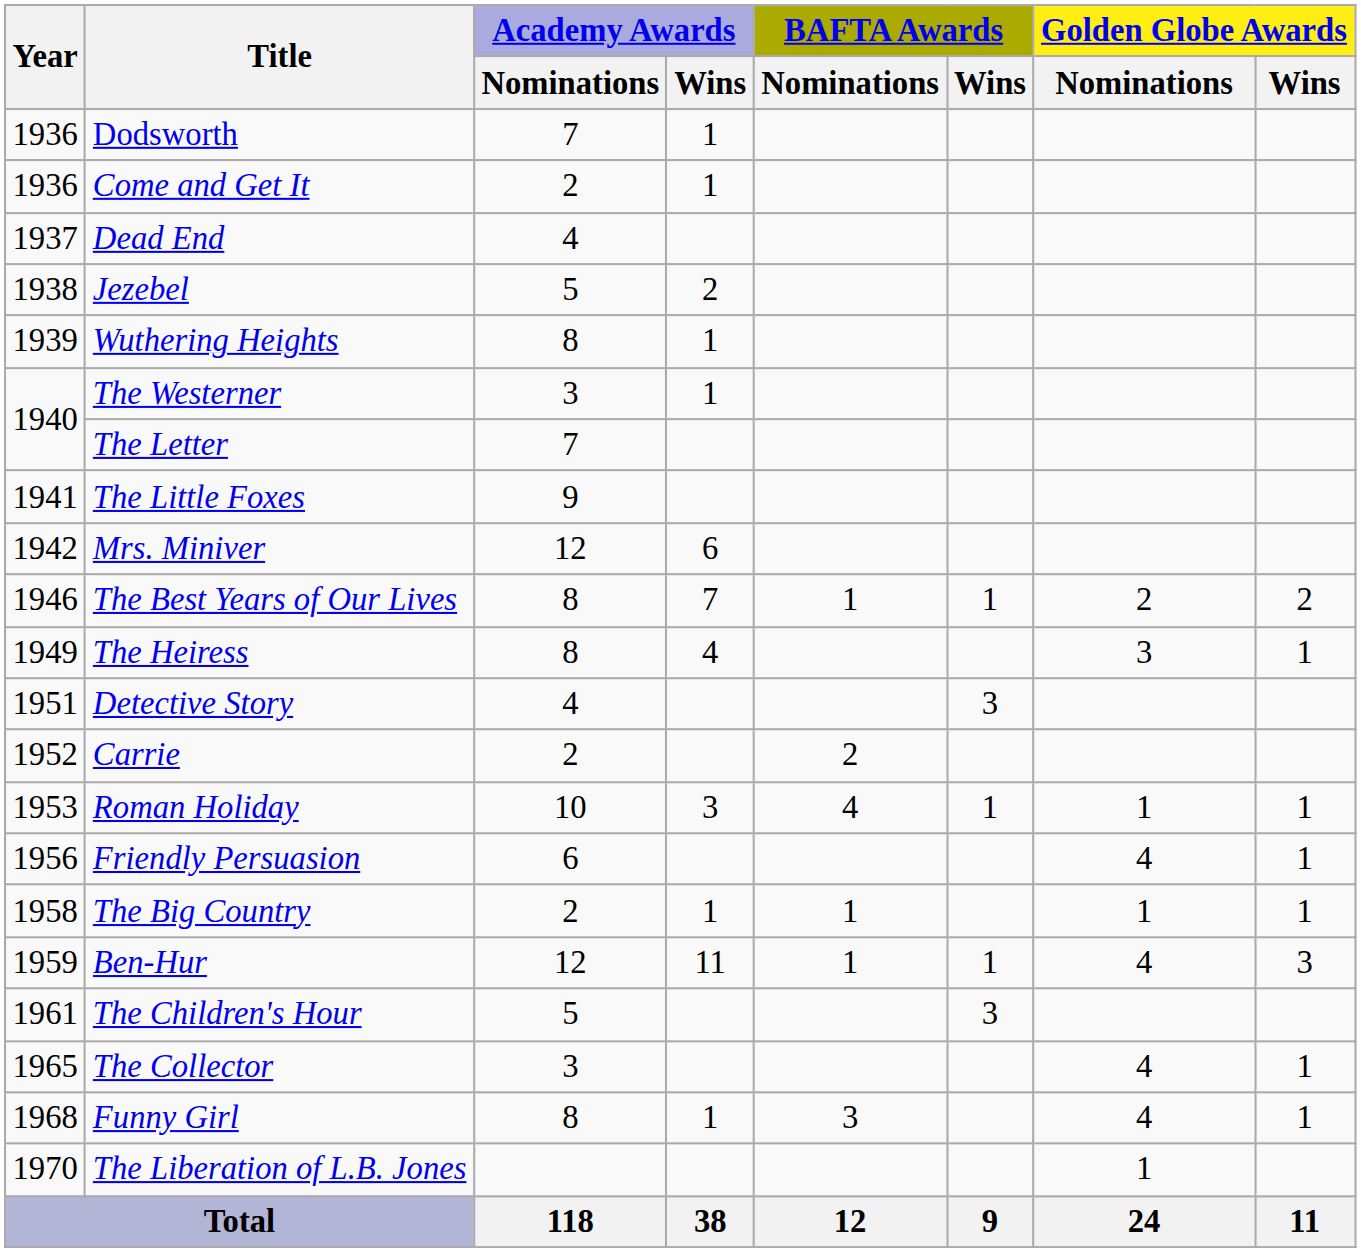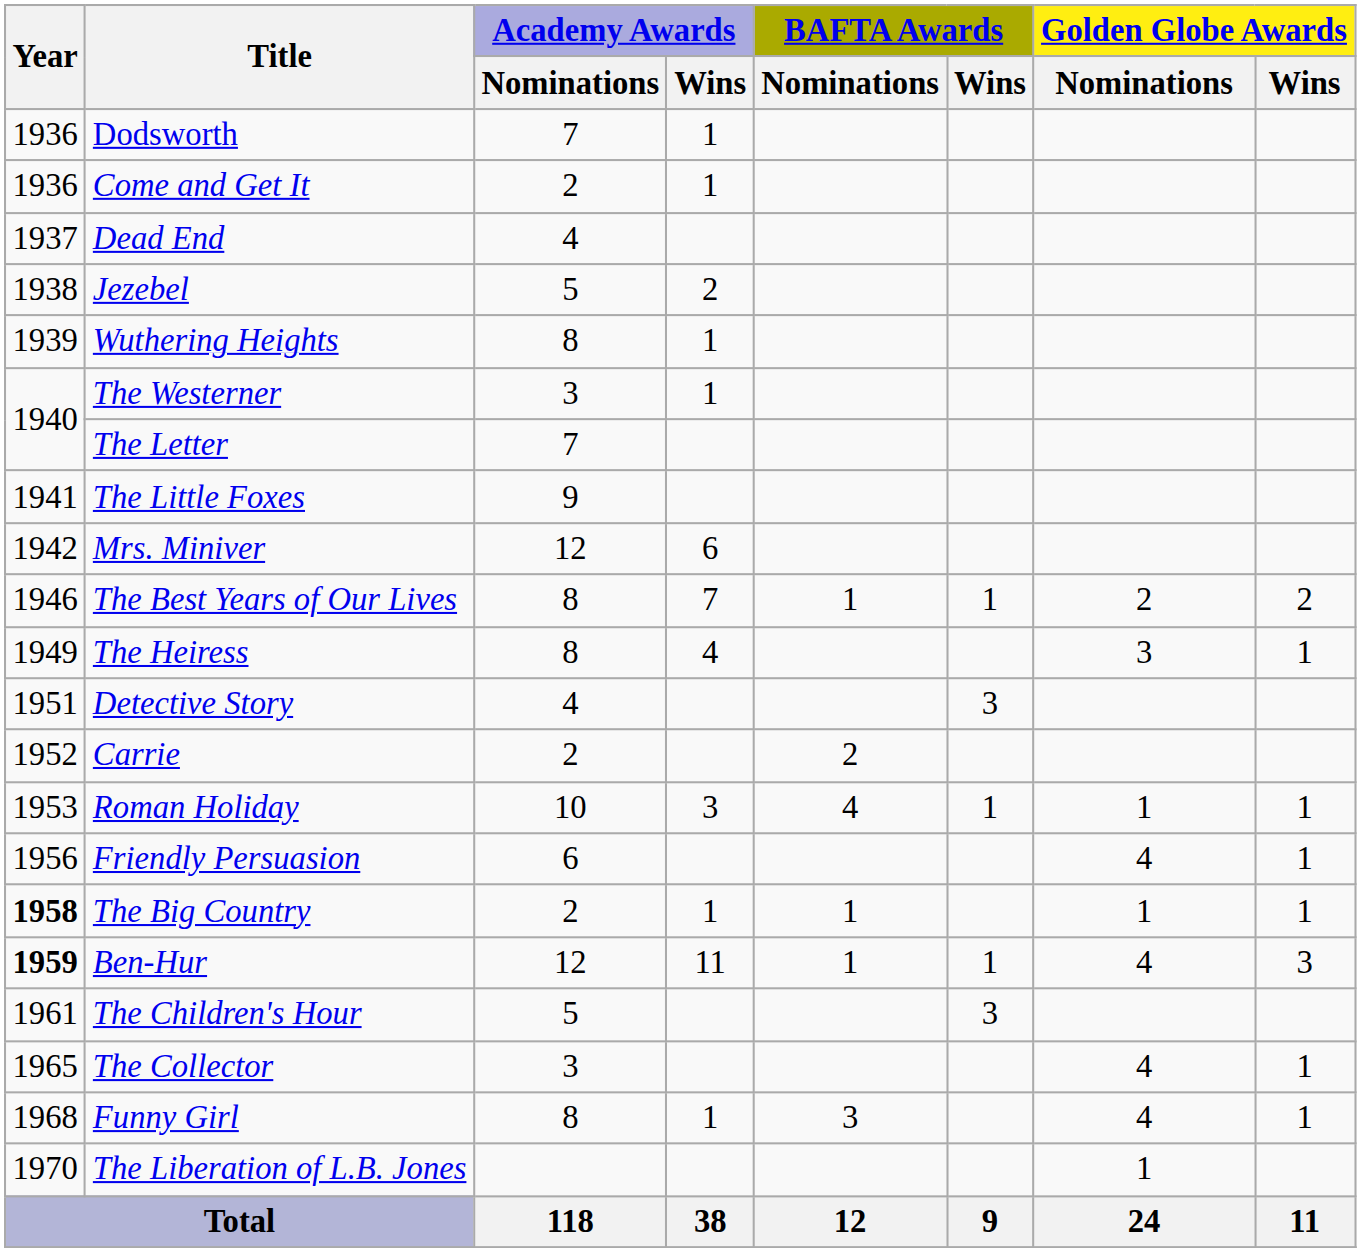 <table class="wikitable sortable">
 <tr>
 <th rowspan="2">Year</th>
 <th rowspan="2">Title</th>
 <th colspan="2" style="background-color:#aaaade;"><a href='#'>Academy Awards</a></th>
 <th colspan="2" style="background-color:#aa0;"><a href='#'>BAFTA Awards</a></th>
 <th colspan="2" style="background-color:#fe1;"><a href='#'>Golden Globe Awards</a></th>
 </tr>
 <tr>
 <th>Nominations</th>
 <th>Wins</th>
 <th>Nominations</th>
 <th>Wins</th>
 <th>Nominations</th>
 <th>Wins</th>
 </tr>
 <tr>
 <td>1936</td>
 <td><a href='#'>Dodsworth</a></td>
 <td align="center">7</td>
 <td align="center">1</td>
 <td></td>
 <td></td>
 <td></td>
 <td></td>
 </tr>
 <tr>
 <td>1936</td>
 <td><a href='#'><em>Come and Get It</em></a></td>
 <td align=center>2</td>
 <td align=center>1</td>
 <td></td>
 <td></td>
 <td></td>
 <td></td>
 </tr>
 <tr>
 <td>1937</td>
 <td><a href='#'><em>Dead End</em></a></td>
 <td align=center>4</td>
 <td></td>
 <td></td>
 <td></td>
 <td></td>
 <td></td>
 </tr>
 <tr>
 <td>1938</td>
 <td><a href='#'><em>Jezebel</em></a></td>
 <td align=center>5</td>
 <td align=center>2</td>
 <td></td>
 <td></td>
 <td></td>
 <td></td>
 </tr>
 <tr>
 <td>1939</td>
 <td><a href='#'><em>Wuthering Heights</em></a></td>
 <td align=center>8</td>
 <td align=center>1</td>
 <td></td>
 <td></td>
 <td></td>
 <td></td>
 </tr>
 <tr>
 <td rowspan="2">1940</td>
 <td><a href='#'><em>The Westerner</em></a></td>
 <td align=center>3</td>
 <td align=center>1</td>
 <td></td>
 <td></td>
 <td></td>
 <td></td>
 </tr>
 <tr>
 <td><a href='#'><em>The Letter</em></a></td>
 <td align=center>7</td>
 <td></td>
 <td></td>
 <td></td>
 <td></td>
 <td></td>
 </tr>
 <tr>
 <td>1941</td>
 <td><a href='#'><em>The Little Foxes</em></a></td>
 <td align=center>9</td>
 <td></td>
 <td></td>
 <td></td>
 <td></td>
 <td></td>
 </tr>
 <tr>
 <td>1942</td>
 <td><em><a href='#'>Mrs. Miniver</a></em></td>
 <td align=center>12</td>
 <td align=center>6</td>
 <td></td>
 <td></td>
 <td></td>
 <td></td>
 </tr>
 <tr>
 <td>1946</td>
 <td><em><a href='#'>The Best Years of Our Lives</a></em></td>
 <td align=center>8</td>
 <td align=center>7</td>
 <td align=center>1</td>
 <td align=center>1</td>
 <td align=center>2</td>
 <td align=center>2</td>
 </tr>
 <tr>
 <td>1949</td>
 <td><em><a href='#'>The Heiress</a></em></td>
 <td align=center>8</td>
 <td align=center>4</td>
 <td></td>
 <td></td>
 <td align=center>3</td>
 <td align=center>1</td>
 </tr>
 <tr>
 <td>1951</td>
 <td><a href='#'><em>Detective Story</em></a></td>
 <td align=center>4</td>
 <td></td>
 <td></td>
 <td align=center>3</td>
 <td></td>
 </tr>
 <tr>
 <td>1952</td>
 <td><a href='#'><em>Carrie</em></a></td>
 <td align=center>2</td>
 <td></td>
 <td align=center>2</td>
 <td></td>
 <td></td>
 <td></td>
 </tr>
 <tr>
 <td>1953</td>
 <td><em><a href='#'>Roman Holiday</a></em></td>
 <td align=center>10</td>
 <td align=center>3</td>
 <td align=center>4</td>
 <td align=center>1</td>
 <td align=center>1</td>
 <td align=center>1</td>
 </tr>
 <tr>
 <td>1956</td>
 <td><em><a href='#'>Friendly Persuasion</a></em></td>
 <td align=center>6</td>
 <td></td>
 <td></td>
 <td></td>
 <td align=center>4</td>
 <td align=center>1</td>
 </tr>
 <tr>
-<td>1958</td>
+<td><strong>1958</strong></td>
 <td><em><a href='#'>The Big Country</a></em></td>
 <td align=center>2</td>
 <td align=center>1</td>
 <td align=center>1</td>
 <td></td>
 <td align=center>1</td>
 <td align=center>1</td>
 </tr>
 <tr>
-<td>1959</td>
+<td><strong>1959</strong></td>
 <td><a href='#'><em>Ben-Hur</em></a></td>
 <td align=center>12</td>
 <td align=center>11</td>
 <td align=center>1</td>
 <td align=center>1</td>
 <td align=center>4</td>
 <td align=center>3</td>
 </tr>
 <tr>
 <td>1961</td>
 <td><a href='#'><em>The Children's Hour</em></a></td>
 <td align=center>5</td>
 <td></td>
 <td></td>
 <td align=center>3</td>
 <td></td>
 </tr>
 <tr>
 <td>1965</td>
 <td><a href='#'><em>The Collector</em></a></td>
 <td align=center>3</td>
 <td></td>
 <td></td>
 <td></td>
 <td align=center>4</td>
 <td align=center>1</td>
 </tr>
 <tr>
 <td>1968</td>
 <td><a href='#'><em>Funny Girl</em></a></td>
 <td align=center>8</td>
 <td align=center>1</td>
 <td align=center>3</td>
 <td></td>
 <td align=center>4</td>
 <td align=center>1</td>
 </tr>
 <tr>
 <td>1970</td>
 <td><em><a href='#'>The Liberation of L.B. Jones</a></em></td>
 <td></td>
 <td></td>
 <td></td>
 <td></td>
 <td align=center>1</td>
 <td></td>
 </tr>
 <tr>
 <td colspan="2" style="background-color:#b3b5d7; text-align:center;"><strong>Total</strong></td>
 <th>118</th>
 <th>38</th>
 <th>12</th>
 <th>9</th>
 <th>24</th>
 <th>11</th>
 </tr>
 <tr>
 </tr>
 </table>
